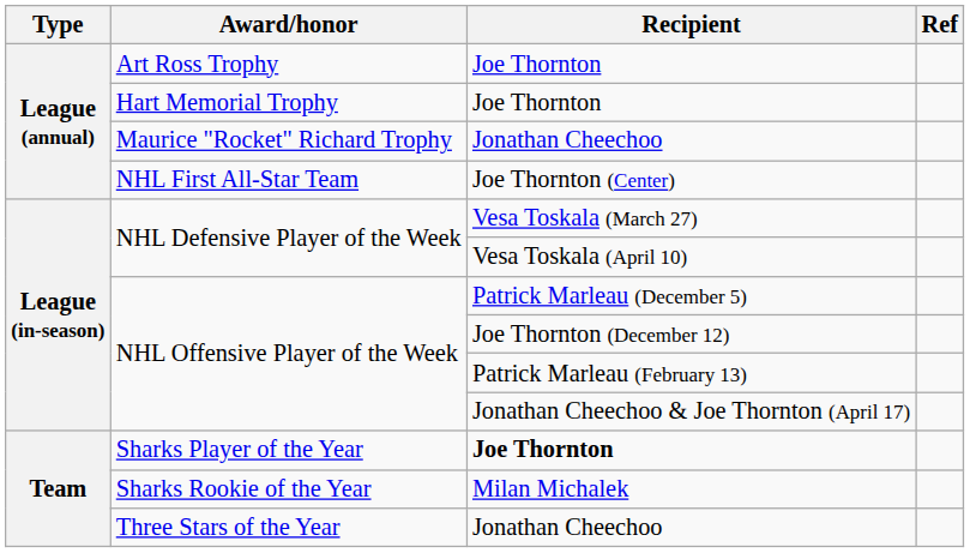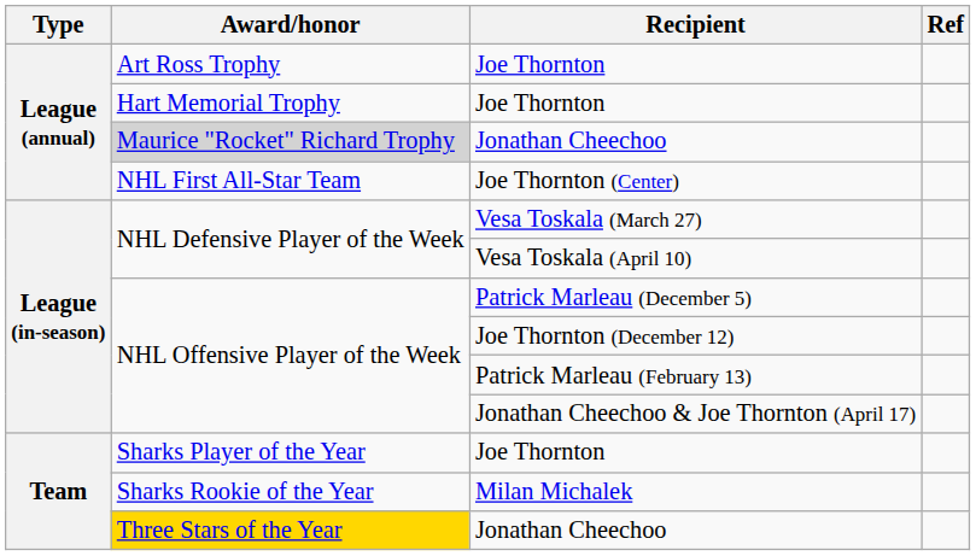 <table class="wikitable">
 <tr>
 <th scope="col">Type</th>
 <th scope="col">Award/honor</th>
 <th scope="col">Recipient</th>
 <th scope="col">Ref</th>
 </tr>
 <tr>
 <th scope="row" rowspan="4">League<br><small>(annual)</small></th>
 <td><a href='#'>Art Ross Trophy</a></td>
 <td><a href='#'>Joe Thornton</a></td>
 <td></td>
 </tr>
 <tr>
 <td><a href='#'>Hart Memorial Trophy</a></td>
 <td>Joe Thornton</td>
 <td></td>
 </tr>
 <tr>
-<td><a href='#'>Maurice "Rocket" Richard Trophy</a></td>
+<td style="background: lightgrey;"><a href='#'>Maurice "Rocket" Richard Trophy</a></td>
 <td><a href='#'>Jonathan Cheechoo</a></td>
 <td></td>
 </tr>
 <tr>
 <td><a href='#'>NHL First All-Star Team</a></td>
 <td>Joe Thornton <small>(<a href='#'>Center</a>)</small></td>
 <td></td>
 </tr>
 <tr>
 <th scope="row" rowspan="6">League<br><small>(in-season)</small></th>
 <td rowspan="2">NHL Defensive Player of the Week</td>
 <td><a href='#'>Vesa Toskala</a> <small>(March 27)</small></td>
 <td></td>
 </tr>
 <tr>
 <td>Vesa Toskala <small>(April 10)</small></td>
 <td></td>
 </tr>
 <tr>
 <td rowspan="4">NHL Offensive Player of the Week</td>
 <td><a href='#'>Patrick Marleau</a> <small>(December 5)</small></td>
 <td></td>
 </tr>
 <tr>
 <td>Joe Thornton <small>(December 12)</small></td>
 <td></td>
 </tr>
 <tr>
 <td>Patrick Marleau <small>(February 13)</small></td>
 <td></td>
 </tr>
 <tr>
 <td>Jonathan Cheechoo & Joe Thornton <small>(April 17)</small></td>
 <td></td>
 </tr>
 <tr>
 <th scope="row" rowspan="3">Team</th>
 <td><a href='#'>Sharks Player of the Year</a></td>
-<td><strong>Joe Thornton</strong></td>
+<td>Joe Thornton</td>
 <td></td>
 </tr>
 <tr>
 <td><a href='#'>Sharks Rookie of the Year</a></td>
 <td><a href='#'>Milan Michalek</a></td>
 <td></td>
 </tr>
 <tr>
-<td><a href='#'>Three Stars of the Year</a></td>
+<td style="background: gold;"><a href='#'>Three Stars of the Year</a></td>
 <td>Jonathan Cheechoo</td>
 <td></td>
 </tr>
 </table>
